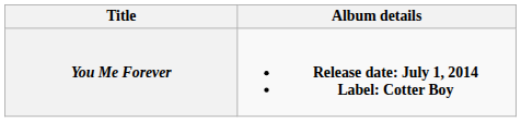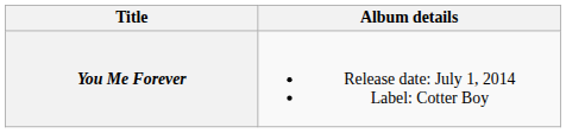 <table class="wikitable plainrowheaders" style="text-align:center;">
 <tr>
 <th style="width:15em;">Title</th>
 <th style="width:18em;">Album details</th>
 </tr>
 <tr>
 <th scope="row"><em>You Me Forever</em></th>
-<td><strong><br><ul><li>Release date: July 1, 2014</li><li>Label: Cotter Boy</li></ul></strong></td>
+<td><br><ul><li>Release date: July 1, 2014</li><li>Label: Cotter Boy</li></ul></td>
 </tr>
 </table>
